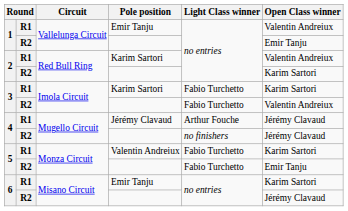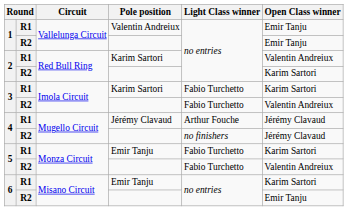 <table class="wikitable" style="font-size:85%">
 <tr>
 <th colspan="2">Round</th>
 <th>Circuit</th>
 <th>Pole position</th>
 <th>Light Class winner</th>
 <th>Open Class winner</th>
 </tr>
 <tr>
 <th rowspan="2">1</th>
 <th>R1</th>
 <td rowspan="2"> <a href='#'>Vallelunga Circuit</a></td>
-<td nowrap=""> Emir Tanju</td>
+<td> Valentin Andreiux</td>
 <td rowspan="4"><em>no entries</em></td>
-<td> Valentin Andreiux</td>
+<td> Emir Tanju</td>
 </tr>
 <tr>
 <th>R2</th>
 <td></td>
 <td> Emir Tanju</td>
 </tr>
 <tr>
 <th rowspan="2">2</th>
 <th>R1</th>
 <td rowspan="2"> <a href='#'>Red Bull Ring</a></td>
 <td> Karim Sartori</td>
 <td> Valentin Andreiux</td>
 </tr>
 <tr>
 <th>R2</th>
 <td></td>
 <td> Karim Sartori</td>
 </tr>
 <tr>
 <th rowspan="2">3</th>
 <th>R1</th>
 <td rowspan="2"> <a href='#'>Imola Circuit</a></td>
 <td> Karim Sartori</td>
 <td> Fabio Turchetto</td>
 <td> Karim Sartori</td>
 </tr>
 <tr>
 <th>R2</th>
 <td></td>
 <td> Fabio Turchetto</td>
 <td> Valentin Andreiux</td>
 </tr>
 <tr>
 <th rowspan="2">4</th>
 <th>R1</th>
 <td rowspan="2"> <a href='#'>Mugello Circuit</a></td>
 <td> Jérémy Clavaud</td>
 <td> Arthur Fouche</td>
 <td> Jérémy Clavaud</td>
 </tr>
 <tr>
 <th>R2</th>
 <td></td>
 <td><em>no finishers</em></td>
 <td> Jérémy Clavaud</td>
 </tr>
 <tr>
 <th rowspan="2">5</th>
 <th>R1</th>
 <td rowspan="2"> <a href='#'>Monza Circuit</a></td>
-<td> Valentin Andreiux</td>
+<td nowrap=""> Emir Tanju</td>
 <td> Fabio Turchetto</td>
 <td> Karim Sartori</td>
 </tr>
 <tr>
 <th>R2</th>
 <td></td>
 <td> Fabio Turchetto</td>
-<td> Emir Tanju</td>
+<td> Valentin Andreiux</td>
 </tr>
 <tr>
 <th rowspan="2">6</th>
 <th>R1</th>
 <td rowspan="2"> <a href='#'>Misano Circuit</a></td>
 <td> Emir Tanju</td>
 <td rowspan="2"><em>no entries</em></td>
 <td> Karim Sartori</td>
 </tr>
 <tr>
 <th>R2</th>
 <td></td>
-<td> Jérémy Clavaud</td>
+<td> Emir Tanju</td>
 </tr>
 </table>
